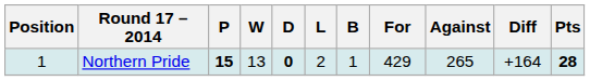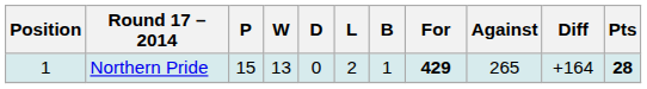 <table class="wikitable" style="text-align:center; font-size:85%;">
 <tr>
 <th width=40 abbr="Position">Position</th>
 <th width=100>Round 17 – 2014</th>
 <th width=20 abbr="Played">P</th>
 <th width=20 abbr="Won">W</th>
 <th width=20 abbr="Drawn">D</th>
 <th width=20 abbr="Lost">L</th>
 <th width=20 abbr="Bye">B</th>
 <th width=40 abbr="Points for">For</th>
 <th width=40 abbr="Points against">Against</th>
 <th width=40 abbr="Points difference">Diff</th>
 <th width=20 abbr="Points">Pts</th>
 </tr>
 <tr style="background: #d7ebed;">
 <td>1</td>
 <td style="text-align:left;"> <a href='#'>Northern Pride</a></td>
-<td><strong>15</strong></td>
+<td>15</td>
 <td>13</td>
-<td><strong>0</strong></td>
+<td>0</td>
 <td>2</td>
 <td>1</td>
-<td>429</td>
+<td><strong>429</strong></td>
 <td>265</td>
 <td>+164</td>
 <td><strong>28</strong></td>
 </tr>
 <tr>
 </tr>
 </table>
